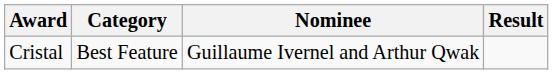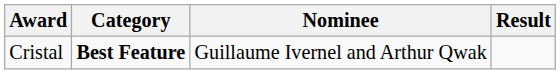 <table class="wikitable sortable">
 <tr>
 <th>Award</th>
 <th>Category</th>
 <th>Nominee</th>
 <th>Result</th>
 </tr>
 <tr>
 <td rowspan="2">Cristal</td>
-<td>Best Feature</td>
+<td><strong>Best Feature</strong></td>
 <td>Guillaume Ivernel and Arthur Qwak</td>
 <td></td>
 </tr>
 </table>
